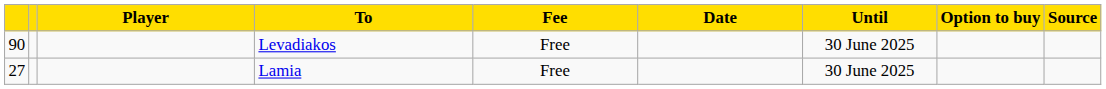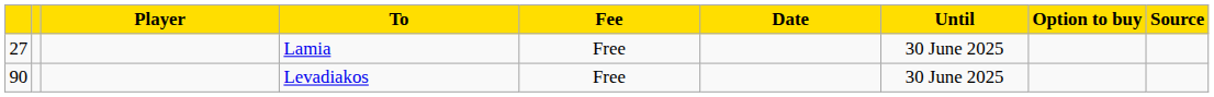 <table class="wikitable sortable">
 <tr>
 <th style="background:#FFDE00"></th>
 <th style="background:#FFDE00"></th>
 <th width=200 style="background:#FFDE00">Player</th>
 <th width=200 style="background:#FFDE00">To</th>
 <th width=150 style="background:#FFDE00">Fee</th>
 <th width=150 style="background:#FFDE00">Date</th>
 <th width=120 style="background:#FFDE00">Until</th>
 <th style="background:#FFDE00">Option to buy</th>
 <th style="background:#FFDE00">Source</th>
 </tr>
 <tr>
+<td align=center>27</td>
+<td align=center></td>
+<td></td>
+<td> <a href='#'>Lamia</a></td>
+<td align=center>Free</td>
+<td align=center></td>
+<td align=center>30 June 2025</td>
+<td align=center></td>
+<td align=center></td>
+</tr>
+<tr>
 <td align=center>90</td>
 <td align=center></td>
 <td></td>
 <td> <a href='#'>Levadiakos</a></td>
 <td align=center>Free</td>
 <td align=center></td>
 <td align=center>30 June 2025</td>
 <td align=center></td>
 <td align=center></td>
 </tr>
-<tr>
-<td align=center>27</td>
-<td align=center></td>
-<td></td>
-<td> <a href='#'>Lamia</a></td>
-<td align=center>Free</td>
-<td align=center></td>
-<td align=center>30 June 2025</td>
-<td align=center></td>
-<td align=center></td>
-</tr>
 </table>
